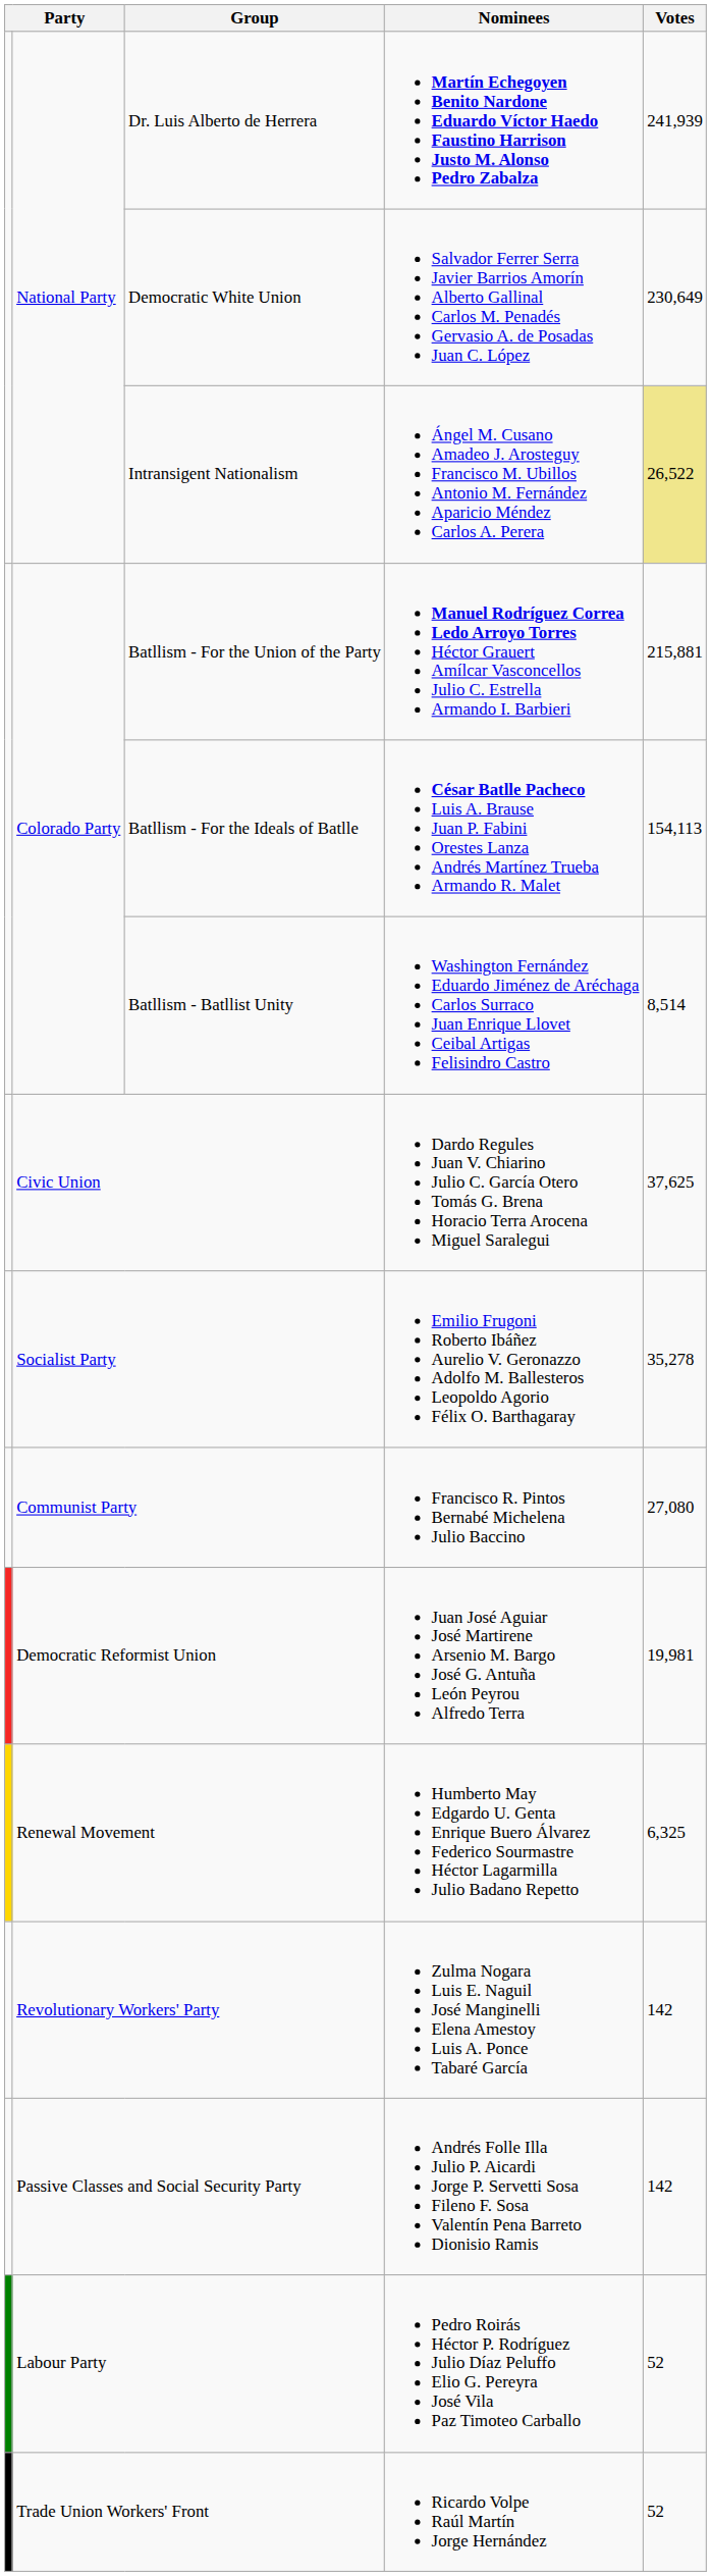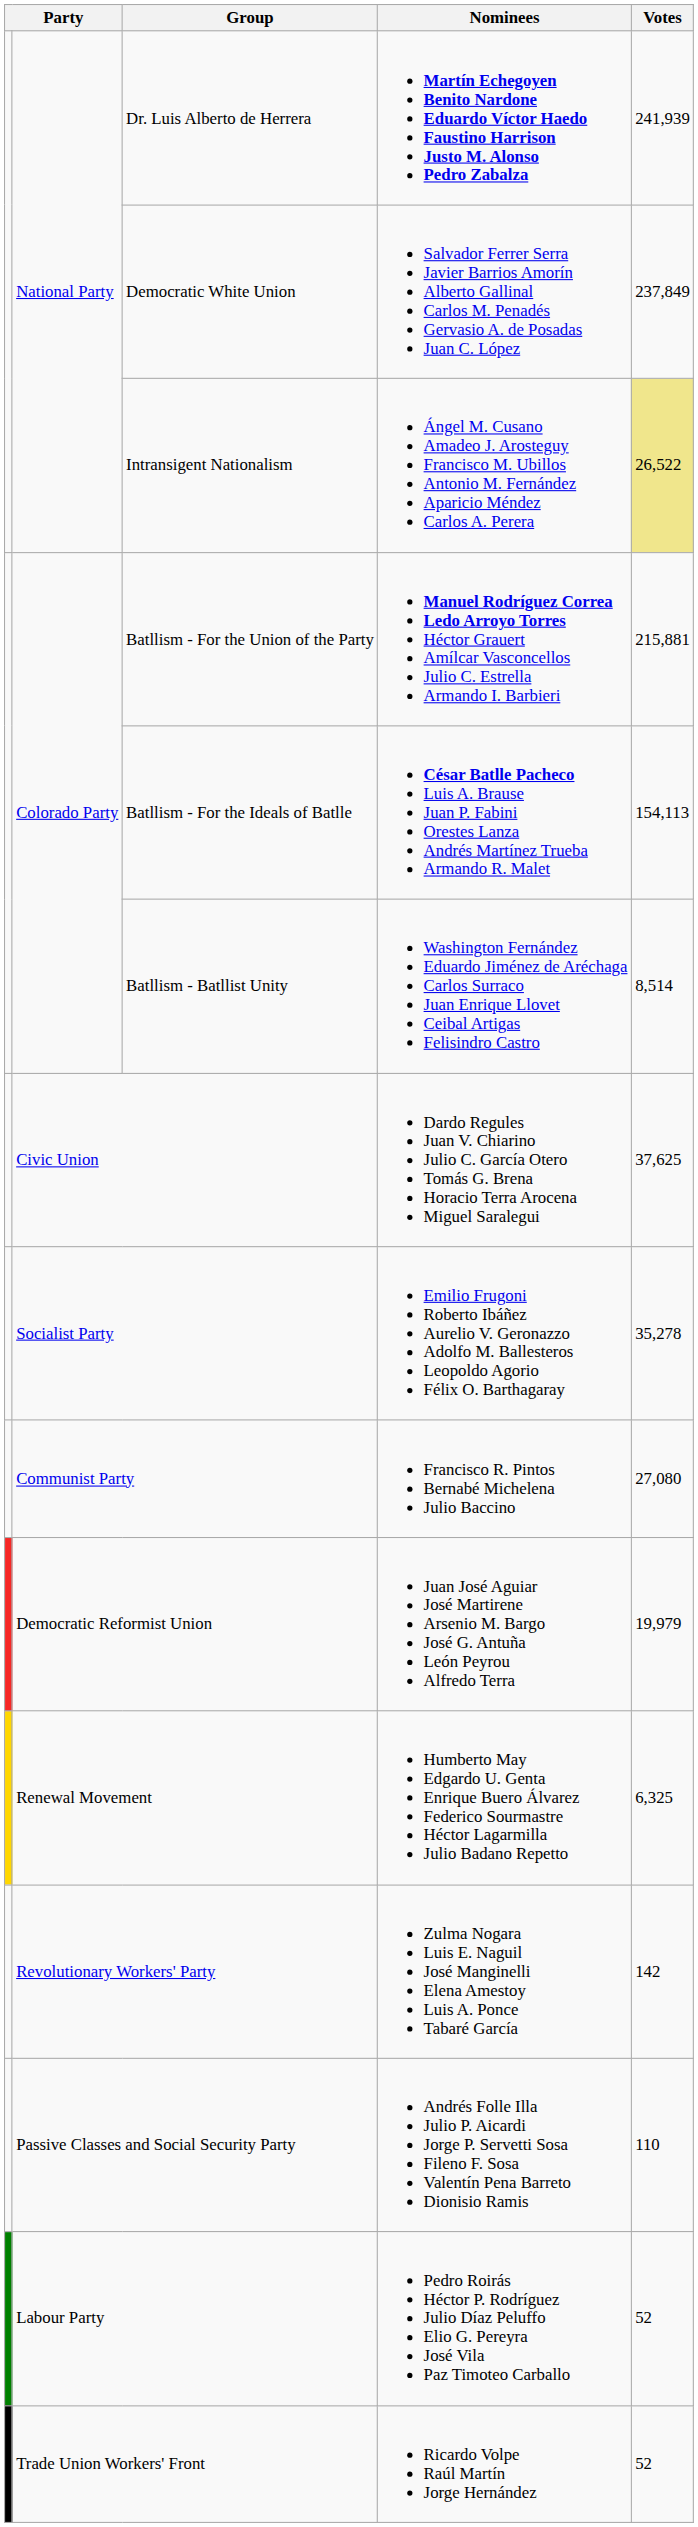 <table class="wikitable sortable">
 <tr>
 <th colspan="2">Party</th>
 <th>Group</th>
 <th>Nominees</th>
 <th>Votes</th>
 </tr>
 <tr>
 <td rowspan="3" style="background:"></td>
 <td rowspan="3"><a href='#'>National Party</a></td>
 <td>Dr. Luis Alberto de Herrera</td>
 <td><br><ul><li><a href='#'><strong>Martín Echegoyen</strong></a></li><li><a href='#'><strong>Benito Nardone</strong></a></li><li><a href='#'><strong>Eduardo Víctor Haedo</strong></a></li><li><a href='#'><strong>Faustino Harrison</strong></a></li><li><a href='#'><strong>Justo M. Alonso</strong></a></li><li><a href='#'><strong>Pedro Zabalza</strong></a></li></ul></td>
 <td>241,939</td>
 </tr>
 <tr>
 <td>Democratic White Union</td>
 <td><br><ul><li><a href='#'>Salvador Ferrer Serra</a></li><li><a href='#'>Javier Barrios Amorín</a></li><li><a href='#'>Alberto Gallinal</a></li><li><a href='#'>Carlos M. Penadés</a></li><li><a href='#'>Gervasio A. de Posadas</a></li><li><a href='#'>Juan C. López</a></li></ul></td>
-<td>230,649</td>
+<td>237,849</td>
 </tr>
 <tr>
 <td>Intransigent Nationalism</td>
 <td><br><ul><li><a href='#'>Ángel M. Cusano</a></li><li><a href='#'>Amadeo J. Arosteguy</a></li><li><a href='#'>Francisco M. Ubillos</a></li><li><a href='#'>Antonio M. Fernández</a></li><li><a href='#'>Aparicio Méndez</a></li><li><a href='#'>Carlos A. Perera</a></li></ul></td>
 <td style="background: khaki;">26,522</td>
 </tr>
 <tr>
 <td rowspan="3" style="background:"></td>
 <td rowspan="3"><a href='#'>Colorado Party</a></td>
 <td>Batllism - For the Union of the Party</td>
 <td><br><ul><li><a href='#'><strong>Manuel Rodríguez Correa</strong></a></li><li><a href='#'><strong>Ledo Arroyo Torres</strong></a></li><li><a href='#'>Héctor Grauert</a></li><li><a href='#'>Amílcar Vasconcellos</a></li><li><a href='#'>Julio C. Estrella</a></li><li><a href='#'>Armando I. Barbieri</a></li></ul></td>
 <td>215,881</td>
 </tr>
 <tr>
 <td>Batllism - For the Ideals of Batlle</td>
 <td><br><ul><li><a href='#'><strong>César Batlle Pacheco</strong></a></li><li><a href='#'>Luis A. Brause</a></li><li><a href='#'>Juan P. Fabini</a></li><li><a href='#'>Orestes Lanza</a></li><li><a href='#'>Andrés Martínez Trueba</a></li><li><a href='#'>Armando R. Malet</a></li></ul></td>
 <td>154,113</td>
 </tr>
 <tr>
 <td>Batllism - Batllist Unity</td>
 <td><br><ul><li><a href='#'>Washington Fernández</a></li><li><a href='#'>Eduardo Jiménez de Aréchaga</a></li><li><a href='#'>Carlos Surraco</a></li><li><a href='#'>Juan Enrique Llovet</a></li><li><a href='#'>Ceibal Artigas</a></li><li><a href='#'>Felisindro Castro</a></li></ul></td>
 <td>8,514</td>
 </tr>
 <tr>
 <td style="background:"></td>
 <td colspan="2"><a href='#'>Civic Union</a></td>
 <td><br><ul><li>Dardo Regules</li><li>Juan V. Chiarino</li><li>Julio C. García Otero</li><li>Tomás G. Brena</li><li>Horacio Terra Arocena</li><li>Miguel Saralegui</li></ul></td>
 <td>37,625</td>
 </tr>
 <tr>
 <td style="background:"></td>
 <td colspan="2"><a href='#'>Socialist Party</a></td>
 <td><br><ul><li><a href='#'>Emilio Frugoni</a></li><li>Roberto Ibáñez</li><li>Aurelio V. Geronazzo</li><li>Adolfo M. Ballesteros</li><li>Leopoldo Agorio</li><li>Félix O. Barthagaray</li></ul></td>
 <td>35,278</td>
 </tr>
 <tr>
 <td style="background:"></td>
 <td colspan="2"><a href='#'>Communist Party</a></td>
 <td><br><ul><li>Francisco R. Pintos</li><li>Bernabé Michelena</li><li>Julio Baccino</li></ul></td>
 <td>27,080</td>
 </tr>
 <tr>
 <td style="background:#f62725"></td>
 <td colspan="2">Democratic Reformist Union</td>
 <td><br><ul><li>Juan José Aguiar</li><li>José Martirene</li><li>Arsenio M. Bargo</li><li>José G. Antuña</li><li>León Peyrou</li><li>Alfredo Terra</li></ul></td>
-<td>19,981</td>
+<td>19,979</td>
 </tr>
 <tr>
 <td style="background:gold"></td>
 <td colspan="2">Renewal Movement</td>
 <td><br><ul><li>Humberto May</li><li>Edgardo U. Genta</li><li>Enrique Buero Álvarez</li><li>Federico Sourmastre</li><li>Héctor Lagarmilla</li><li>Julio Badano Repetto</li></ul></td>
 <td>6,325</td>
 </tr>
 <tr>
 <td style="background:"></td>
 <td colspan="2"><a href='#'>Revolutionary Workers' Party</a></td>
 <td><br><ul><li>Zulma Nogara</li><li>Luis E. Naguil</li><li>José Manginelli</li><li>Elena Amestoy</li><li>Luis A. Ponce</li><li>Tabaré García</li></ul></td>
 <td>142</td>
 </tr>
 <tr>
 <td></td>
 <td colspan="2">Passive Classes and Social Security Party</td>
 <td><br><ul><li>Andrés Folle Illa</li><li>Julio P. Aicardi</li><li>Jorge P. Servetti Sosa</li><li>Fileno F. Sosa</li><li>Valentín Pena Barreto</li><li>Dionisio Ramis</li></ul></td>
-<td>142</td>
+<td>110</td>
 </tr>
 <tr>
 <td style="background:green"></td>
 <td colspan="2">Labour Party</td>
 <td><br><ul><li>Pedro Roirás</li><li>Héctor P. Rodríguez</li><li>Julio Díaz Peluffo</li><li>Elio G. Pereyra</li><li>José Vila</li><li>Paz Timoteo Carballo</li></ul></td>
 <td>52</td>
 </tr>
 <tr>
 <td style="background:black"></td>
 <td colspan="2">Trade Union Workers' Front</td>
 <td><br><ul><li>Ricardo Volpe</li><li>Raúl Martín</li><li>Jorge Hernández</li></ul></td>
 <td>52</td>
 </tr>
 </table>
